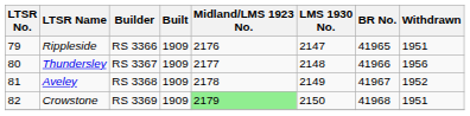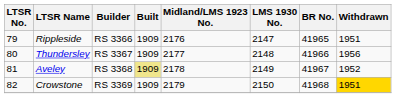 <table class="wikitable sortable">
 <tr>
 <th>LTSR<br>No.</th>
 <th>LTSR Name</th>
 <th>Builder</th>
 <th>Built</th>
 <th>Midland/LMS 1923<br>No.</th>
 <th>LMS 1930<br>No.</th>
 <th>BR No.</th>
 <th>Withdrawn</th>
 </tr>
 <tr>
 <td>79</td>
 <td><em>Rippleside</em></td>
 <td>RS 3366</td>
 <td>1909</td>
 <td>2176</td>
 <td>2147</td>
 <td>41965</td>
 <td>1951</td>
 </tr>
 <tr>
 <td>80</td>
 <td><em><a href='#'>Thundersley</a></em></td>
 <td>RS 3367</td>
 <td>1909</td>
 <td>2177</td>
 <td>2148</td>
 <td>41966</td>
 <td>1956</td>
 </tr>
 <tr>
 <td>81</td>
 <td><em><a href='#'>Aveley</a></em></td>
 <td>RS 3368</td>
-<td>1909</td>
+<td style="background: khaki;">1909</td>
 <td>2178</td>
 <td>2149</td>
 <td>41967</td>
 <td>1952</td>
 </tr>
 <tr>
 <td>82</td>
 <td><em>Crowstone</em></td>
 <td>RS 3369</td>
 <td>1909</td>
-<td style="background: lightgreen;">2179</td>
+<td>2179</td>
 <td>2150</td>
 <td>41968</td>
-<td>1951</td>
+<td style="background: gold;">1951</td>
 </tr>
 <tr>
 </tr>
 </table>
